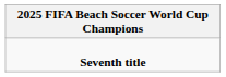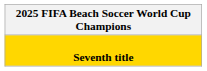 <table class="wikitable" style="margin:1em auto; text-align:center">
 <tr>
 <th width=270><strong>2025 FIFA Beach Soccer World Cup<br>Champions</strong></th>
 </tr>
 <tr>
-<td><strong></strong><br><strong>Seventh title</strong><br></td>
+<td style="background: gold;"><strong></strong><br><strong>Seventh title</strong><br></td>
 </tr>
 </table>
